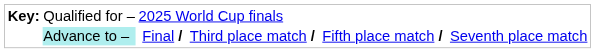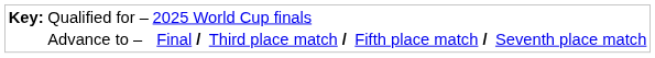 <table style="font-size: 100%; border: 1px solid silver;">
 <tr>
 <td rowspan=2 valign=top><strong>Key:</strong></td>
 <td>Qualified for –</td>
 <td colspan="5">  <a href='#'>2025 World Cup finals</a></td>
 </tr>
 <tr>
-<td style="background: paleturquoise;">Advance to –</td>
+<td>Advance to –</td>
 <td></td>
 <td><a href='#'>Final</a> <strong>/</strong></td>
 <td></td>
 <td><a href='#'>Third place match</a> <strong>/</strong></td>
 <td></td>
 <td><a href='#'>Fifth place match</a> <strong>/</strong></td>
 <td></td>
 <td><a href='#'>Seventh place match</a></td>
 </tr>
 </table>
